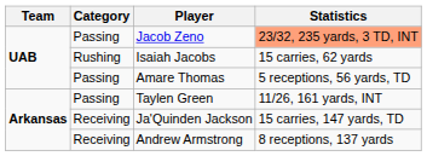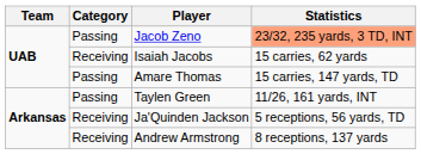 <table class="wikitable" style="float: right;">
 <tr>
 <th>Team</th>
 <th>Category</th>
 <th>Player</th>
 <th>Statistics</th>
 </tr>
 <tr>
 <td rowspan=3><strong>UAB</strong></td>
 <td>Passing</td>
 <td><a href='#'>Jacob Zeno</a></td>
 <td style="background: lightsalmon;">23/32, 235 yards, 3 TD, INT</td>
 </tr>
 <tr>
-<td>Rushing</td>
+<td>Receiving</td>
 <td>Isaiah Jacobs</td>
 <td>15 carries, 62 yards</td>
 </tr>
 <tr>
 <td>Passing</td>
 <td>Amare Thomas</td>
-<td>5 receptions, 56 yards, TD</td>
+<td>15 carries, 147 yards, TD</td>
 </tr>
 <tr>
 <td rowspan=3><strong>Arkansas</strong></td>
 <td>Passing</td>
 <td>Taylen Green</td>
 <td>11/26, 161 yards, INT</td>
 </tr>
 <tr>
 <td>Receiving</td>
 <td>Ja'Quinden Jackson</td>
-<td>15 carries, 147 yards, TD</td>
+<td>5 receptions, 56 yards, TD</td>
 </tr>
 <tr>
 <td>Receiving</td>
 <td>Andrew Armstrong</td>
 <td>8 receptions, 137 yards</td>
 </tr>
 </table>
